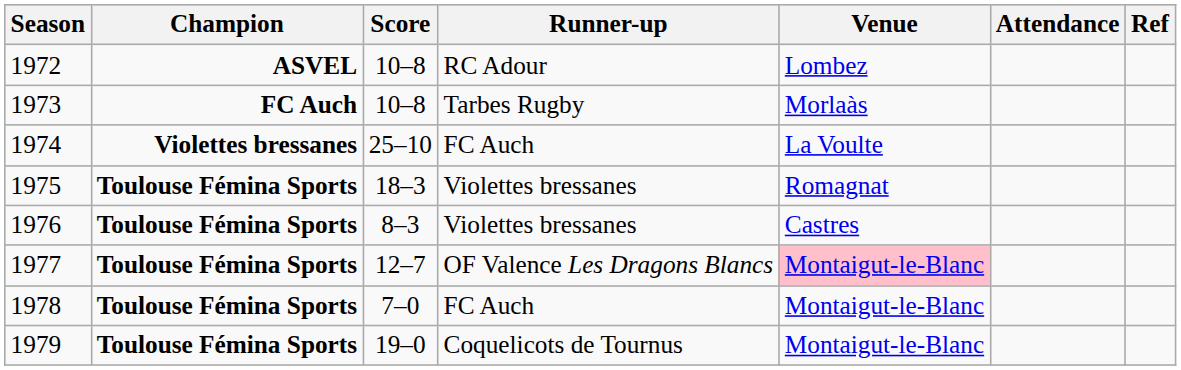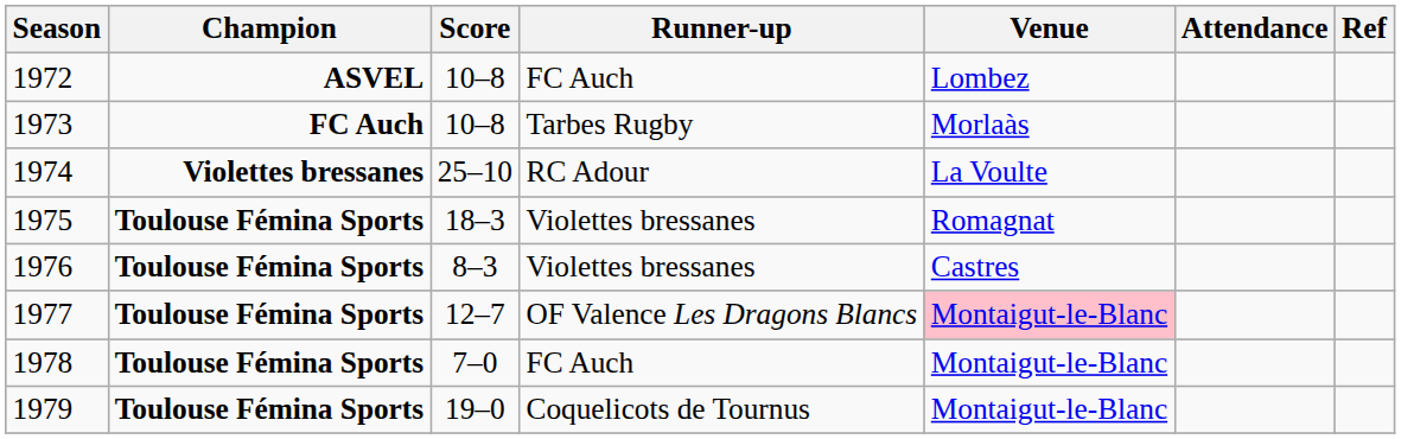 <table class="wikitable">
 <tr>
 <th>Season</th>
 <th> Champion</th>
 <th>Score</th>
 <th> Runner-up</th>
 <th>Venue</th>
 <th>Attendance</th>
 <th>Ref</th>
 </tr>
 <tr>
 <td>1972</td>
 <td style="text-align:right;"><strong>ASVEL</strong></td>
 <td style="text-align:center;">10–8</td>
-<td style="text-align:left;">RC Adour</td>
+<td style="text-align:left;">FC Auch</td>
 <td><a href='#'>Lombez</a></td>
 <td></td>
 <td></td>
 </tr>
 <tr>
 <td>1973</td>
 <td style="text-align:right;"><strong>FC Auch</strong></td>
 <td style="text-align:center;">10–8</td>
 <td style="text-align:left;">Tarbes Rugby</td>
 <td><a href='#'>Morlaàs</a></td>
 <td></td>
 <td></td>
 </tr>
 <tr>
 <td>1974</td>
 <td style="text-align:right;"><strong>Violettes bressanes</strong></td>
 <td style="text-align:center;">25–10</td>
-<td style="text-align:left;">FC Auch</td>
+<td style="text-align:left;">RC Adour</td>
 <td><a href='#'>La Voulte</a></td>
 <td></td>
 <td></td>
 </tr>
 <tr>
 <td>1975</td>
 <td style="text-align:right;"><strong>Toulouse Fémina Sports</strong></td>
 <td style="text-align:center;">18–3</td>
 <td style="text-align:left;">Violettes bressanes</td>
 <td><a href='#'>Romagnat</a></td>
 <td></td>
 <td></td>
 </tr>
 <tr>
 <td>1976</td>
 <td style="text-align:right;"><strong>Toulouse Fémina Sports</strong></td>
 <td style="text-align:center;">8–3</td>
 <td style="text-align:left;">Violettes bressanes</td>
 <td><a href='#'>Castres</a></td>
 <td></td>
 <td></td>
 </tr>
 <tr>
 <td>1977</td>
 <td style="text-align:right;"><strong>Toulouse Fémina Sports</strong></td>
 <td style="text-align:center;">12–7</td>
 <td style="text-align:left;">OF Valence <em>Les Dragons Blancs</em></td>
 <td style="background: pink;"><a href='#'>Montaigut-le-Blanc</a></td>
 <td></td>
 <td></td>
 </tr>
 <tr>
 <td>1978</td>
 <td style="text-align:right;"><strong>Toulouse Fémina Sports</strong></td>
 <td style="text-align:center;">7–0</td>
 <td style="text-align:left;">FC Auch</td>
 <td><a href='#'>Montaigut-le-Blanc</a></td>
 <td></td>
 <td></td>
 </tr>
 <tr>
 <td>1979</td>
 <td style="text-align:right;"><strong>Toulouse Fémina Sports</strong></td>
 <td style="text-align:center;">19–0</td>
 <td style="text-align:left;">Coquelicots de Tournus</td>
 <td><a href='#'>Montaigut-le-Blanc</a></td>
 <td></td>
 </tr>
 </table>
